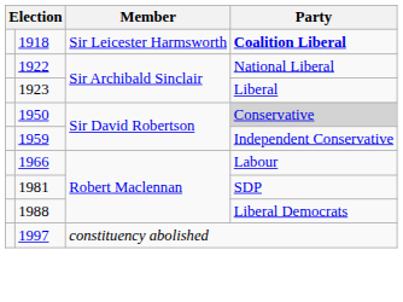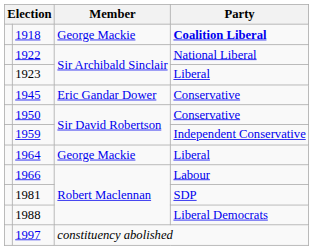 <table class="wikitable">
 <tr>
 <th colspan="2">Election</th>
 <th>Member </th>
 <th>Party</th>
 </tr>
 <tr>
 <td style="color:inherit;background-color: "></td>
 <td><a href='#'>1918</a></td>
-<td><a href='#'>Sir Leicester Harmsworth</a></td>
+<td><a href='#'>George Mackie</a></td>
 <td><strong><a href='#'>Coalition Liberal</a></strong></td>
 </tr>
 <tr>
 <td style="color:inherit;background-color: "></td>
 <td><a href='#'>1922</a></td>
 <td rowspan="2"><a href='#'>Sir Archibald Sinclair</a></td>
 <td><a href='#'>National Liberal</a></td>
 </tr>
 <tr>
 <td style="color:inherit;background-color: "></td>
 <td>1923</td>
 <td><a href='#'>Liberal</a></td>
 </tr>
 <tr>
 <td style="color:inherit;background-color: "></td>
+<td><a href='#'>1945</a></td>
+<td><a href='#'>Eric Gandar Dower</a></td>
+<td><a href='#'>Conservative</a></td>
+</tr>
+<tr>
+<td style="color:inherit;background-color: "></td>
 <td><a href='#'>1950</a></td>
 <td rowspan="2"><a href='#'>Sir David Robertson</a></td>
-<td style="background: lightgrey;"><a href='#'>Conservative</a></td>
+<td><a href='#'>Conservative</a></td>
 </tr>
 <tr>
 <td style="color:inherit;background-color: "></td>
 <td><a href='#'>1959</a></td>
 <td><a href='#'>Independent Conservative</a></td>
+</tr>
+<tr>
+<td style="color:inherit;background-color: "></td>
+<td><a href='#'>1964</a></td>
+<td><a href='#'>George Mackie</a></td>
+<td><a href='#'>Liberal</a></td>
 </tr>
 <tr>
 <td style="color:inherit;background-color: "></td>
 <td><a href='#'>1966</a></td>
 <td rowspan="3"><a href='#'>Robert Maclennan</a></td>
 <td><a href='#'>Labour</a></td>
 </tr>
 <tr>
 <td style="color:inherit;background-color: "></td>
 <td>1981</td>
 <td><a href='#'>SDP</a></td>
 </tr>
 <tr>
 <td style="color:inherit;background-color: "></td>
 <td>1988</td>
 <td><a href='#'>Liberal Democrats</a></td>
 </tr>
 <tr>
 <td></td>
 <td><a href='#'>1997</a></td>
 <td colspan="2"><em>constituency abolished</em></td>
 </tr>
 </table>
